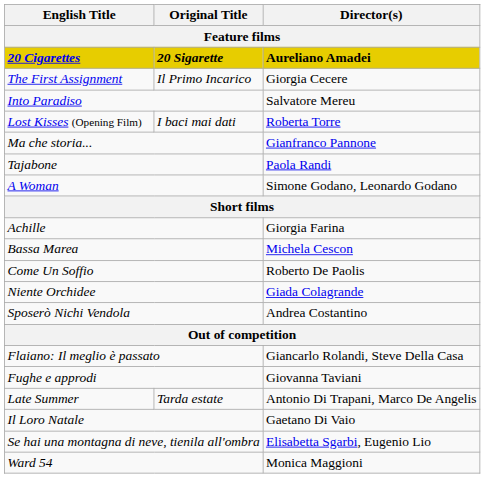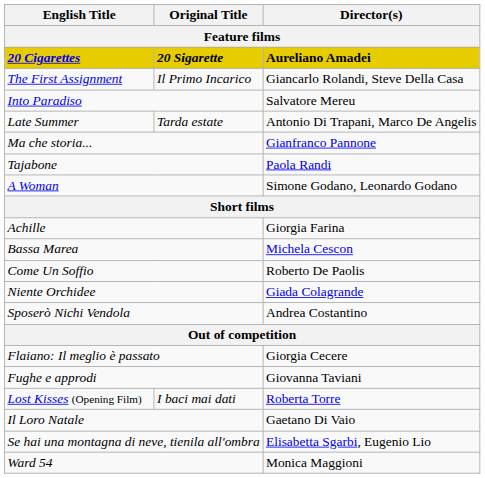 <table class="wikitable" style="display:inline-block; margin-right:4%; margin-top:0px; margin-bottom:0px; border:none">
 <tr>
 <th>English Title</th>
 <th>Original Title</th>
 <th>Director(s)</th>
 </tr>
 <tr>
 <th colspan=3>Feature films</th>
 </tr>
 <tr style="background:#E7CD00;">
 <td><strong><em><a href='#'>20 Cigarettes</a></em></strong></td>
 <td><strong><em>20 Sigarette</em></strong></td>
 <td data-sort-value="Amadei"><strong>Aureliano Amadei</strong></td>
 </tr>
 <tr>
 <td data-sort-value="First"><em><a href='#'>The First Assignment</a></em></td>
 <td><em>Il Primo Incarico</em></td>
-<td data-sort-value="Cecere">Giorgia Cecere</td>
+<td>Giancarlo Rolandi, Steve Della Casa</td>
 </tr>
 <tr>
 <td colspan=2><em><a href='#'>Into Paradiso</a></em></td>
 <td data-sort-value="Mereu">Salvatore Mereu</td>
 </tr>
 <tr>
-<td style="padding-right:2%"><em><a href='#'>Lost Kisses</a></em> <small>(Opening Film)</small></td>
-<td data-sort-value="Baci"><em>I baci mai dati</em></td>
-<td data-sort-value="Torre"><a href='#'>Roberta Torre</a></td>
+<td><em>Late Summer</em></td>
+<td><em>Tarda estate</em></td>
+<td>Antonio Di Trapani, Marco De Angelis</td>
 </tr>
 <tr>
 <td colspan="2"><em>Ma che storia...</em></td>
 <td><a href='#'>Gianfranco Pannone</a></td>
 </tr>
 <tr>
 <td colspan=2><em>Tajabone</em></td>
 <td><a href='#'>Paola Randi</a></td>
 </tr>
 <tr>
 <td colspan=2 data-sort-value="Woman"><em><a href='#'>A Woman</a></em></td>
 <td>Simone Godano, Leonardo Godano</td>
 </tr>
 <tr>
 <th colspan="3">Short films</th>
 </tr>
 <tr>
 <td colspan="2"><em>Achille</em></td>
 <td>Giorgia Farina</td>
 </tr>
 <tr>
 <td colspan="2"><em>Bassa Marea</em></td>
 <td><a href='#'>Michela Cescon</a></td>
 </tr>
 <tr>
 <td colspan="2"><em>Come Un Soffio</em></td>
 <td>Roberto De Paolis</td>
 </tr>
 <tr>
 <td colspan="2"><em>Niente Orchidee</em></td>
 <td data-sort-value="Colagrande"><a href='#'>Giada Colagrande</a></td>
 </tr>
 <tr>
 <td colspan="2"><em>Sposerò Nichi Vendola</em></td>
 <td>Andrea Costantino</td>
 </tr>
 <tr>
 <th colspan="3">Out of competition</th>
 </tr>
 <tr>
 <td colspan="2"><em>Flaiano: Il meglio è passato</em></td>
-<td>Giancarlo Rolandi, Steve Della Casa</td>
+<td data-sort-value="Cecere">Giorgia Cecere</td>
 </tr>
 <tr>
 <td colspan="2"><em>Fughe e approdi</em></td>
 <td>Giovanna Taviani</td>
 </tr>
 <tr>
-<td><em>Late Summer</em></td>
-<td><em>Tarda estate</em></td>
-<td>Antonio Di Trapani, Marco De Angelis</td>
+<td style="padding-right:2%"><em><a href='#'>Lost Kisses</a></em> <small>(Opening Film)</small></td>
+<td data-sort-value="Baci"><em>I baci mai dati</em></td>
+<td data-sort-value="Torre"><a href='#'>Roberta Torre</a></td>
 </tr>
 <tr>
 <td colspan="2"><em>Il Loro Natale</em></td>
 <td>Gaetano Di Vaio</td>
 </tr>
 <tr>
 <td colspan="2"><em>Se hai una montagna di neve, tienila all'ombra</em></td>
 <td><a href='#'>Elisabetta Sgarbi</a>, Eugenio Lio</td>
 </tr>
 <tr>
 <td colspan="2"><em>Ward 54</em></td>
 <td>Monica Maggioni</td>
 </tr>
 </table>
